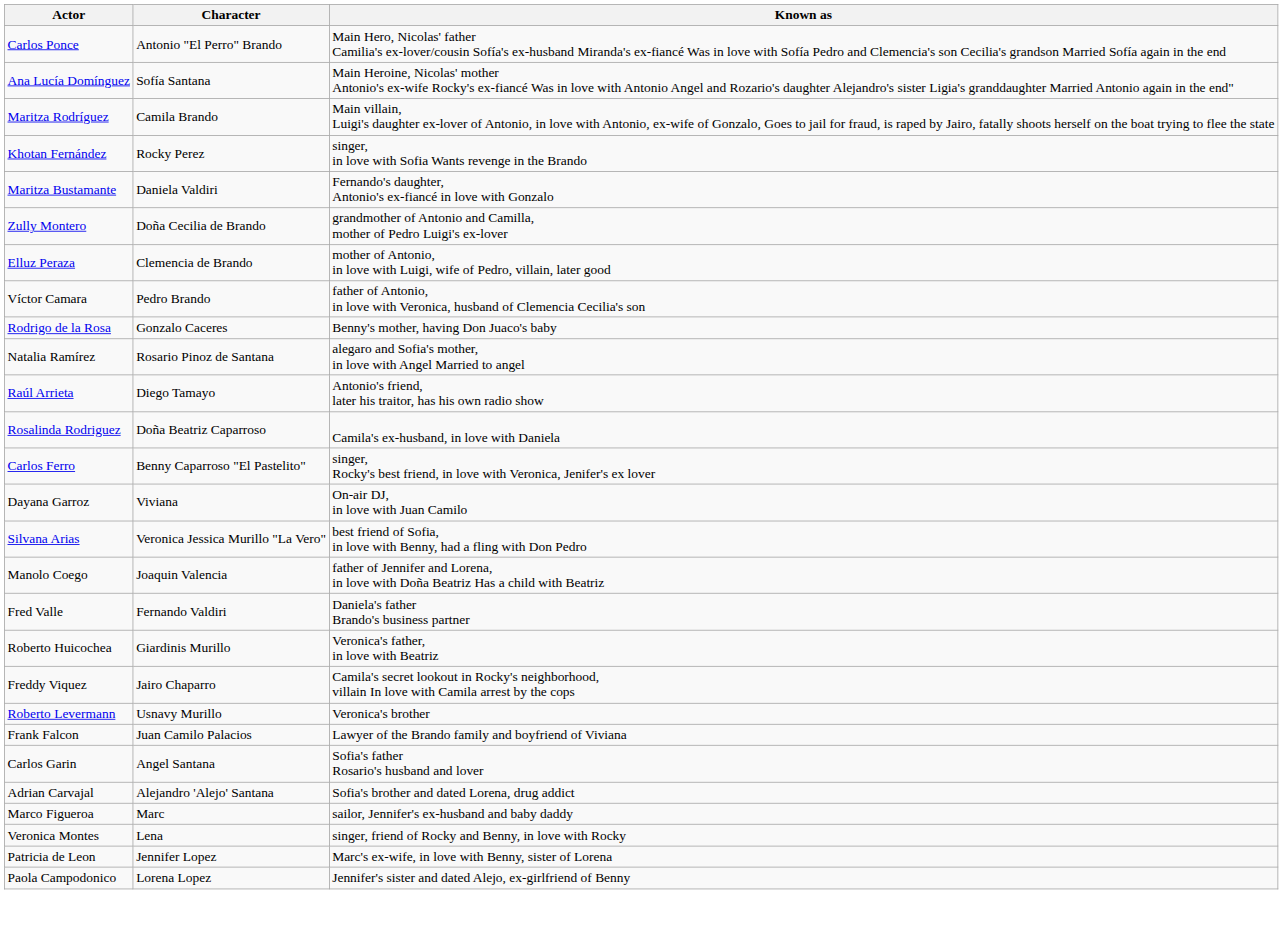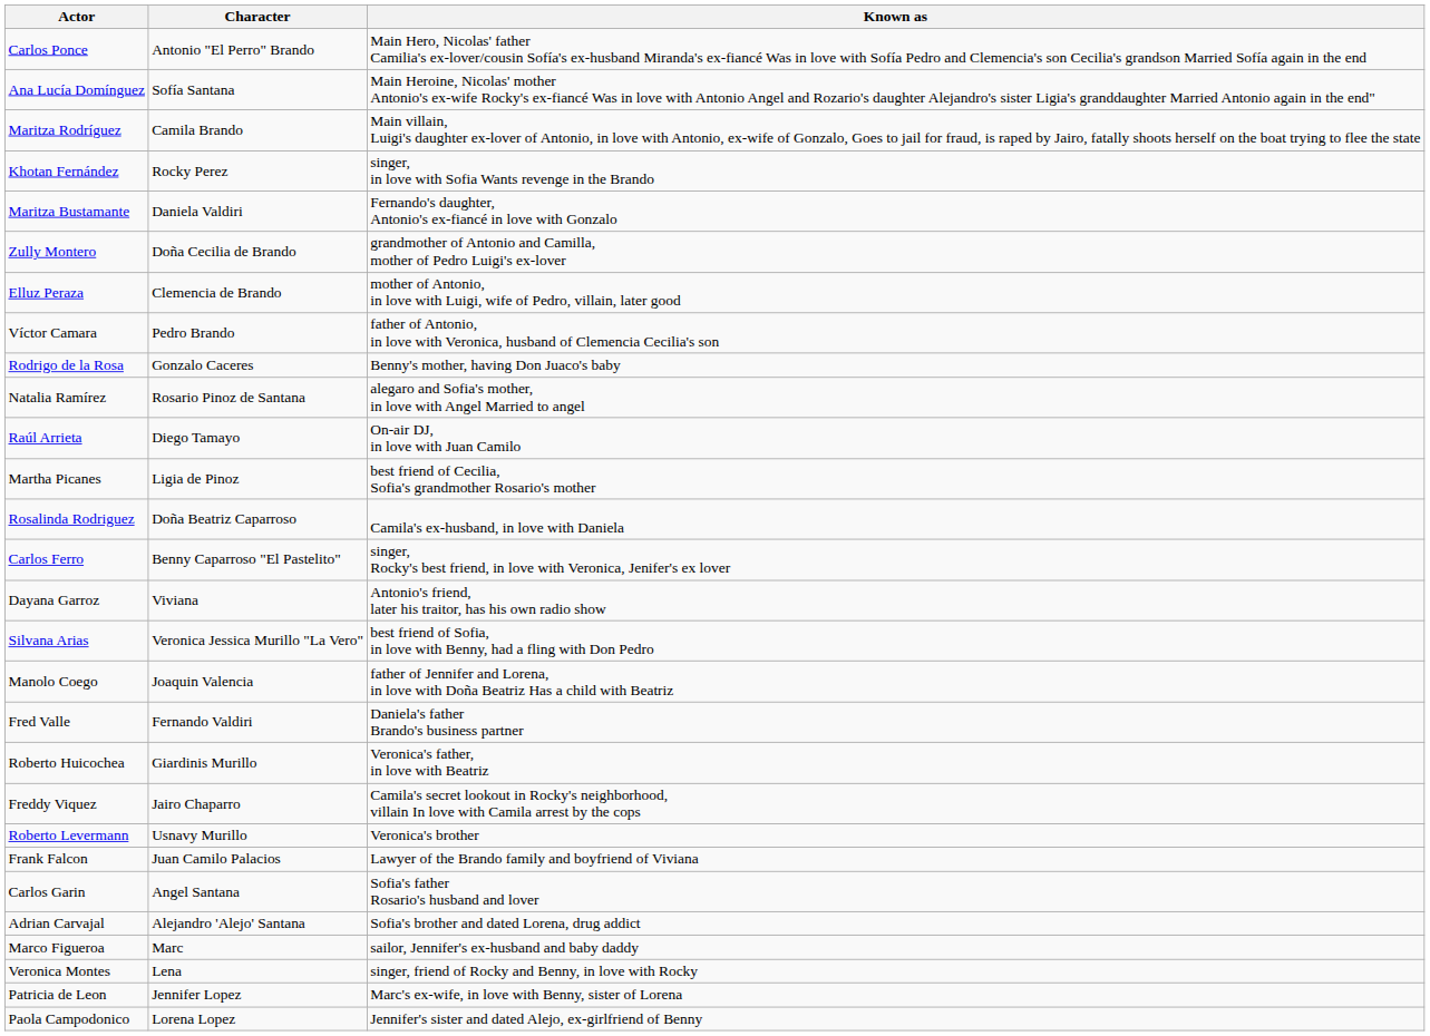 <table class="wikitable">
 <tr>
 <th>Actor</th>
 <th>Character</th>
 <th>Known as</th>
 </tr>
 <tr>
 <td><a href='#'>Carlos Ponce</a></td>
 <td>Antonio "El Perro" Brando</td>
 <td>Main Hero, Nicolas' father<br>Camilia's ex-lover/cousin Sofía's ex-husband Miranda's ex-fiancé Was in love with Sofía Pedro and Clemencia's son Cecilia's grandson Married Sofía again in the end</td>
 </tr>
 <tr>
 <td><a href='#'>Ana Lucía Domínguez</a></td>
 <td>Sofía Santana</td>
 <td>Main Heroine, Nicolas' mother<br>Antonio's ex-wife Rocky's ex-fiancé Was in love with Antonio Angel and Rozario's daughter Alejandro's sister Ligia's granddaughter Married Antonio again in the end"</td>
 </tr>
 <tr>
 <td><a href='#'>Maritza Rodríguez</a></td>
 <td>Camila Brando</td>
 <td>Main villain,<br>Luigi's daughter ex-lover of Antonio, in love with Antonio, ex-wife of Gonzalo, Goes to jail for fraud, is raped by Jairo, fatally shoots herself on the boat trying to flee the state</td>
 </tr>
 <tr>
 <td><a href='#'>Khotan Fernández</a></td>
 <td>Rocky Perez</td>
 <td>singer,<br>in love with Sofia Wants revenge in the Brando</td>
 </tr>
 <tr>
 <td><a href='#'>Maritza Bustamante</a></td>
 <td>Daniela Valdiri</td>
 <td>Fernando's daughter,<br>Antonio's ex-fiancé in love with Gonzalo</td>
 </tr>
 <tr>
 <td><a href='#'>Zully Montero</a></td>
 <td>Doña Cecilia de Brando</td>
 <td>grandmother of Antonio and Camilla,<br>mother of Pedro Luigi's ex-lover</td>
 </tr>
 <tr>
 <td><a href='#'>Elluz Peraza</a></td>
 <td>Clemencia de Brando</td>
 <td>mother of Antonio,<br>in love with Luigi, wife of Pedro, villain, later good</td>
 </tr>
 <tr>
 <td>Víctor Camara</td>
 <td>Pedro Brando</td>
 <td>father of Antonio,<br>in love with Veronica, husband of Clemencia Cecilia's son</td>
 </tr>
 <tr>
 <td><a href='#'>Rodrigo de la Rosa</a></td>
 <td>Gonzalo Caceres</td>
 <td>Benny's mother, having Don Juaco's baby</td>
 </tr>
 <tr>
 <td>Natalia Ramírez</td>
 <td>Rosario Pinoz de Santana</td>
 <td>alegaro and Sofia's mother,<br>in love with Angel Married to angel</td>
 </tr>
 <tr>
 <td><a href='#'>Raúl Arrieta</a></td>
 <td>Diego Tamayo</td>
-<td>Antonio's friend,<br>later his traitor, has his own radio show</td>
+<td>On-air DJ,<br>in love with Juan Camilo</td>
+</tr>
+<tr>
+<td>Martha Picanes</td>
+<td>Ligia de Pinoz</td>
+<td>best friend of Cecilia,<br>Sofia's grandmother Rosario's mother</td>
 </tr>
 <tr>
 <td><a href='#'>Rosalinda Rodriguez</a></td>
 <td>Doña Beatriz Caparroso</td>
 <td><br>Camila's ex-husband, in love with Daniela</td>
 </tr>
 <tr>
 <td><a href='#'>Carlos Ferro</a></td>
 <td>Benny Caparroso "El Pastelito"</td>
 <td>singer,<br>Rocky's best friend, in love with Veronica, Jenifer's ex lover</td>
 </tr>
 <tr>
 <td>Dayana Garroz</td>
 <td>Viviana</td>
-<td>On-air DJ,<br>in love with Juan Camilo</td>
+<td>Antonio's friend,<br>later his traitor, has his own radio show</td>
 </tr>
 <tr>
 <td><a href='#'>Silvana Arias</a></td>
 <td>Veronica Jessica Murillo "La Vero"</td>
 <td>best friend of Sofia,<br>in love with Benny, had a fling with Don Pedro</td>
 </tr>
 <tr>
 <td>Manolo Coego</td>
 <td>Joaquin Valencia</td>
 <td>father of Jennifer and Lorena,<br>in love with Doña Beatriz Has a child with Beatriz</td>
 </tr>
 <tr>
 <td>Fred Valle</td>
 <td>Fernando Valdiri</td>
 <td>Daniela's father<br>Brando's business partner</td>
 </tr>
 <tr>
 <td>Roberto Huicochea</td>
 <td>Giardinis Murillo</td>
 <td>Veronica's father,<br>in love with Beatriz</td>
 </tr>
 <tr>
 <td>Freddy Viquez</td>
 <td>Jairo Chaparro</td>
 <td>Camila's secret lookout in Rocky's neighborhood,<br>villain In love with Camila arrest by the cops</td>
 </tr>
 <tr>
 <td><a href='#'>Roberto Levermann</a></td>
 <td>Usnavy Murillo</td>
 <td>Veronica's brother</td>
 </tr>
 <tr>
 <td>Frank Falcon</td>
 <td>Juan Camilo Palacios</td>
 <td>Lawyer of the Brando family and boyfriend of Viviana</td>
 </tr>
 <tr>
 <td>Carlos Garin</td>
 <td>Angel Santana</td>
 <td>Sofia's father<br>Rosario's husband and lover</td>
 </tr>
 <tr>
 <td>Adrian Carvajal</td>
 <td>Alejandro 'Alejo' Santana</td>
 <td>Sofia's brother and dated Lorena, drug addict</td>
 </tr>
 <tr>
 <td>Marco Figueroa</td>
 <td>Marc</td>
 <td>sailor, Jennifer's ex-husband and baby daddy</td>
 </tr>
 <tr>
 <td>Veronica Montes</td>
 <td>Lena</td>
 <td>singer, friend of Rocky and Benny, in love with Rocky</td>
 </tr>
 <tr>
 <td>Patricia de Leon</td>
 <td>Jennifer Lopez</td>
 <td>Marc's ex-wife, in love with Benny, sister of Lorena</td>
 </tr>
 <tr>
 <td>Paola Campodonico</td>
 <td>Lorena Lopez</td>
 <td>Jennifer's sister and dated Alejo, ex-girlfriend of Benny</td>
 </tr>
 </table>
